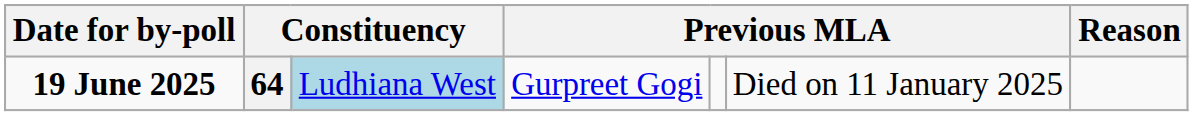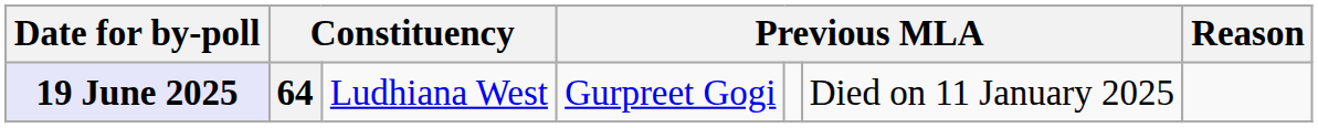 <table class="wikitable sortable" style="text-align:center;">
 <tr>
 <th>Date for by-poll</th>
 <th colspan="2">Constituency</th>
 <th colspan="3">Previous MLA</th>
 <th>Reason</th>
 </tr>
 <tr>
-<td><strong>19 June 2025</strong></td>
+<td style="background: lavender;"><strong>19 June 2025</strong></td>
 <th>64</th>
-<td style="background: lightblue;"><a href='#'>Ludhiana West</a></td>
+<td><a href='#'>Ludhiana West</a></td>
 <td><a href='#'>Gurpreet Gogi</a></td>
 <td></td>
 <td>Died on 11 January 2025</td>
 </tr>
 </table>
